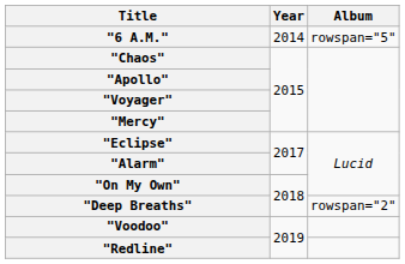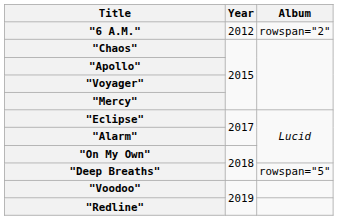 <table class="wikitable plainrowheaders" style="text-align:center;">
 <tr>
 <th scope="col" style="width:20em;">Title</th>
 <th scope="col" style="width:1em;">Year</th>
 <th scope="col" style="width:6em;">Album</th>
 </tr>
 <tr>
 <th scope="row">"6 A.M." </th>
-<td>2014</td>
-<td>rowspan="5" </td>
+<td>2012</td>
+<td>rowspan="2" </td>
 </tr>
 <tr>
 <th scope="row">"Chaos" </th>
 <td rowspan="4">2015</td>
 </tr>
 <tr>
 <th scope="row">"Apollo"</th>
 </tr>
 <tr>
 <th scope="row">"Voyager"</th>
 </tr>
 <tr>
 <th scope="row">"Mercy"</th>
 </tr>
 <tr>
 <th scope="row">"Eclipse"</th>
 <td rowspan="2">2017</td>
 <td rowspan="3"><em>Lucid</em></td>
 </tr>
 <tr>
 <th scope="row">"Alarm" </th>
 </tr>
 <tr>
 <th scope="row">"On My Own" </th>
 <td rowspan="2">2018</td>
 </tr>
 <tr>
 <th scope="row">"Deep Breaths" </th>
-<td>rowspan="2" </td>
+<td>rowspan="5" </td>
 </tr>
 <tr>
 <th scope="row">"Voodoo" </th>
 <td rowspan="2">2019</td>
 </tr>
 <tr>
 <th scope="row">"Redline"</th>
 <td></td>
 </tr>
 </table>
